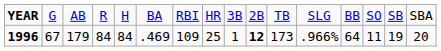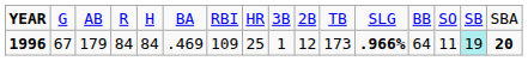 <table class="wikitable">
 <tr align=center>
 <td><strong>YEAR</strong></td>
 <td><a href='#'>G</a></td>
 <td><a href='#'>AB</a></td>
 <td><a href='#'>R</a></td>
 <td><a href='#'>H</a></td>
 <td><a href='#'>BA</a></td>
 <td><a href='#'>RBI</a></td>
 <td><a href='#'>HR</a></td>
 <td><a href='#'>3B</a></td>
 <td><a href='#'>2B</a></td>
 <td><a href='#'>TB</a></td>
 <td><a href='#'>SLG</a></td>
 <td><a href='#'>BB</a></td>
 <td><a href='#'>SO</a></td>
 <td><a href='#'>SB</a></td>
 <td>SBA</td>
 </tr>
 <tr align=center>
 <td><strong>1996</strong></td>
 <td>67</td>
 <td>179</td>
 <td>84</td>
 <td>84</td>
 <td>.469</td>
 <td>109</td>
 <td>25</td>
 <td>1</td>
-<td><strong>12</strong></td>
+<td>12</td>
 <td>173</td>
-<td>.966%</td>
+<td><strong>.966%</strong></td>
 <td>64</td>
 <td>11</td>
-<td>19</td>
-<td>20</td>
+<td style="background: paleturquoise;">19</td>
+<td><strong>20</strong></td>
 </tr>
 </table>
